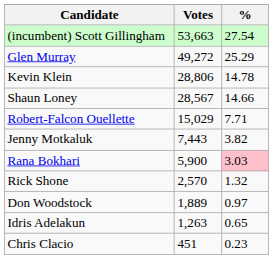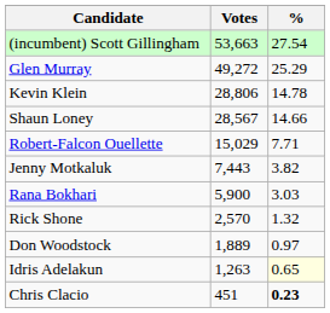 <table class="wikitable sortable">
 <tr>
 </tr>
 <tr>
 <th bgcolor="#DDDDFF" width="200px">Candidate</th>
 <th bgcolor="#DDDDFF" width="50px">Votes</th>
 <th bgcolor="#DDDDFF" width="50px">%</th>
 </tr>
 <tr style="text-align:left; background:#cfc;">
 <td>(incumbent) Scott Gillingham</td>
 <td>53,663</td>
 <td>27.54</td>
 </tr>
 <tr>
 <td><a href='#'>Glen Murray</a></td>
 <td>49,272</td>
 <td>25.29</td>
 </tr>
 <tr>
 <td>Kevin Klein</td>
 <td>28,806</td>
 <td>14.78</td>
 </tr>
 <tr>
 <td>Shaun Loney</td>
 <td>28,567</td>
 <td>14.66</td>
 </tr>
 <tr>
 <td><a href='#'>Robert-Falcon Ouellette</a></td>
 <td>15,029</td>
 <td>7.71</td>
 </tr>
 <tr>
 <td>Jenny Motkaluk</td>
 <td>7,443</td>
 <td>3.82</td>
 </tr>
 <tr>
 <td><a href='#'>Rana Bokhari</a></td>
 <td>5,900</td>
-<td style="background: pink;">3.03</td>
+<td>3.03</td>
 </tr>
 <tr>
 <td>Rick Shone</td>
 <td>2,570</td>
 <td>1.32</td>
 </tr>
 <tr>
 <td>Don Woodstock</td>
 <td>1,889</td>
 <td>0.97</td>
 </tr>
 <tr>
 <td>Idris Adelakun</td>
 <td>1,263</td>
-<td>0.65</td>
+<td style="background: lightyellow;">0.65</td>
 </tr>
 <tr>
 <td>Chris Clacio</td>
 <td>451</td>
-<td>0.23</td>
+<td><strong>0.23</strong></td>
 </tr>
 </table>
